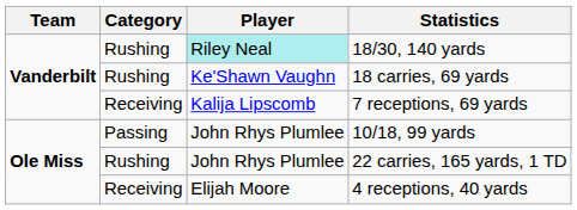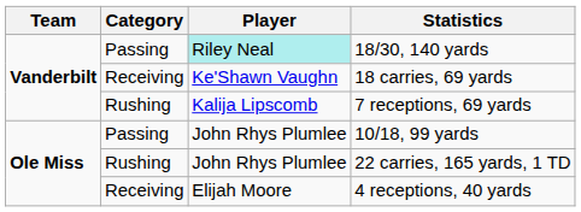 <table class="wikitable" style="float: right;">
 <tr>
 <th>Team</th>
 <th>Category</th>
 <th>Player</th>
 <th>Statistics</th>
 </tr>
 <tr>
 <td rowspan=3><strong>Vanderbilt</strong></td>
-<td>Rushing</td>
+<td>Passing</td>
 <td style="background: paleturquoise;">Riley Neal</td>
 <td>18/30, 140 yards</td>
 </tr>
 <tr>
-<td>Rushing</td>
+<td>Receiving</td>
 <td><a href='#'>Ke'Shawn Vaughn</a></td>
 <td>18 carries, 69 yards</td>
 </tr>
 <tr>
-<td>Receiving</td>
+<td>Rushing</td>
 <td><a href='#'>Kalija Lipscomb</a></td>
 <td>7 receptions, 69 yards</td>
 </tr>
 <tr>
 <td rowspan=3><strong>Ole Miss</strong></td>
 <td>Passing</td>
 <td>John Rhys Plumlee</td>
 <td>10/18, 99 yards</td>
 </tr>
 <tr>
 <td>Rushing</td>
 <td>John Rhys Plumlee</td>
 <td>22 carries, 165 yards, 1 TD</td>
 </tr>
 <tr>
 <td>Receiving</td>
 <td>Elijah Moore</td>
 <td>4 receptions, 40 yards</td>
 </tr>
 </table>
